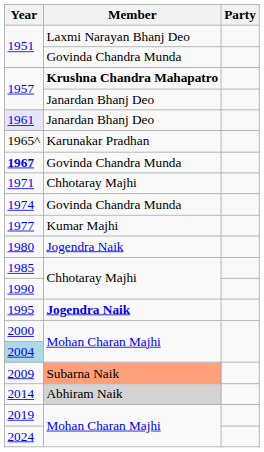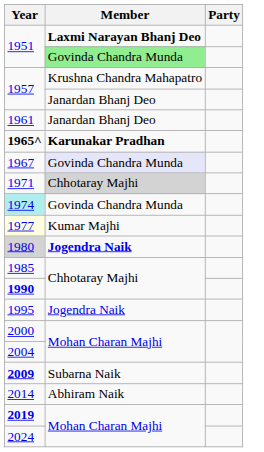 <table class="wikitable">
 <tr>
 <th>Year</th>
 <th>Member</th>
 <th colspan="2">Party</th>
 </tr>
 <tr>
 <td rowspan="2"><a href='#'>1951</a></td>
-<td>Laxmi Narayan Bhanj Deo</td>
+<td><strong>Laxmi Narayan Bhanj Deo</strong></td>
 <td></td>
 </tr>
 <tr>
-<td>Govinda Chandra Munda</td>
+<td style="background: lightgreen;">Govinda Chandra Munda</td>
 <td></td>
 </tr>
 <tr>
 <td rowspan="2"><a href='#'>1957</a></td>
-<td><strong>Krushna Chandra Mahapatro</strong></td>
+<td>Krushna Chandra Mahapatro</td>
 <td></td>
 </tr>
 <tr>
 <td>Janardan Bhanj Deo</td>
 <td></td>
 </tr>
 <tr>
-<td style="background: lavender;"><a href='#'>1961</a></td>
+<td><a href='#'>1961</a></td>
 <td>Janardan Bhanj Deo</td>
 </tr>
 <tr>
-<td>1965^</td>
-<td>Karunakar Pradhan</td>
+<td><strong>1965^</strong></td>
+<td><strong>Karunakar Pradhan</strong></td>
 <td></td>
 </tr>
 <tr>
-<td><strong><a href='#'>1967</a></strong></td>
-<td>Govinda Chandra Munda</td>
+<td><a href='#'>1967</a></td>
+<td style="background: lavender;">Govinda Chandra Munda</td>
 </tr>
 <tr>
 <td><a href='#'>1971</a></td>
-<td>Chhotaray Majhi</td>
+<td style="background: lightgrey;">Chhotaray Majhi</td>
 <td></td>
 </tr>
 <tr>
-<td><a href='#'>1974</a></td>
+<td style="background: paleturquoise;"><a href='#'>1974</a></td>
 <td>Govinda Chandra Munda</td>
 <td></td>
 </tr>
 <tr>
-<td><a href='#'>1977</a></td>
+<td style="background: lightyellow;"><a href='#'>1977</a></td>
 <td>Kumar Majhi</td>
 <td></td>
 </tr>
 <tr>
-<td><a href='#'>1980</a></td>
-<td><a href='#'>Jogendra Naik</a></td>
+<td style="background: lightgrey;"><a href='#'>1980</a></td>
+<td><strong><a href='#'>Jogendra Naik</a></strong></td>
 <td></td>
 </tr>
 <tr>
 <td><a href='#'>1985</a></td>
 <td rowspan="2">Chhotaray Majhi</td>
 <td></td>
 </tr>
 <tr>
-<td><a href='#'>1990</a></td>
+<td><strong><a href='#'>1990</a></strong></td>
 <td></td>
 </tr>
 <tr>
 <td><a href='#'>1995</a></td>
-<td><strong><a href='#'>Jogendra Naik</a></strong></td>
+<td><a href='#'>Jogendra Naik</a></td>
 <td></td>
 </tr>
 <tr>
 <td><a href='#'>2000</a></td>
 <td rowspan="2"><a href='#'>Mohan Charan Majhi</a></td>
 </tr>
 <tr>
-<td style="background: lightblue;"><a href='#'>2004</a></td>
+<td><a href='#'>2004</a></td>
 </tr>
 <tr>
-<td><a href='#'>2009</a></td>
-<td style="background: lightsalmon;">Subarna Naik</td>
+<td><strong><a href='#'>2009</a></strong></td>
+<td>Subarna Naik</td>
 <td></td>
 </tr>
 <tr>
 <td><a href='#'>2014</a></td>
-<td style="background: lightgrey;">Abhiram Naik</td>
+<td>Abhiram Naik</td>
 </tr>
 <tr>
-<td><a href='#'>2019</a></td>
+<td><strong><a href='#'>2019</a></strong></td>
 <td rowspan="2"><a href='#'>Mohan Charan Majhi</a></td>
 <td></td>
 </tr>
 <tr>
 <td><a href='#'>2024</a></td>
 </tr>
 </table>
